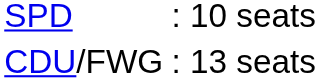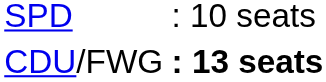 <table>
 <tr>
 <td><a href='#'>SPD</a></td>
 <td>: 10 seats</td>
 </tr>
 <tr --->
 <td><a href='#'>CDU</a>/FWG</td>
-<td>: 13 seats</td>
+<td><strong>: 13 seats</strong></td>
 </tr>
 </table>
